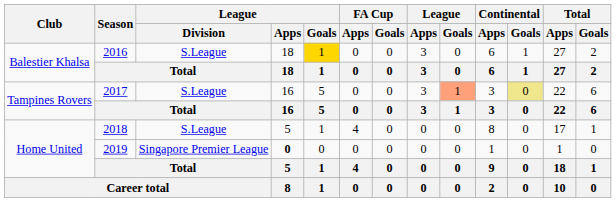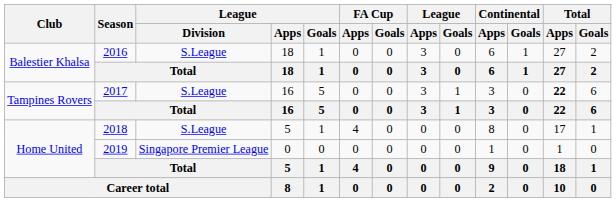 <table class="wikitable" style="text-align: center">
 <tr>
 <th rowspan="2">Club</th>
 <th rowspan="2">Season</th>
 <th colspan="3">League</th>
 <th colspan="2">FA Cup</th>
 <th colspan="2">League</th>
 <th colspan="2">Continental</th>
 <th colspan="2">Total</th>
 </tr>
 <tr>
 <th>Division</th>
 <th>Apps</th>
 <th>Goals</th>
 <th>Apps</th>
 <th>Goals</th>
 <th>Apps</th>
 <th>Goals</th>
 <th>Apps</th>
 <th>Goals</th>
 <th>Apps</th>
 <th>Goals</th>
 </tr>
 <tr>
 <td rowspan="2"><a href='#'>Balestier Khalsa</a></td>
 <td><a href='#'>2016</a></td>
 <td><a href='#'>S.League</a></td>
 <td>18</td>
-<td style="background: gold;">1</td>
+<td>1</td>
 <td>0</td>
 <td>0</td>
 <td>3</td>
 <td>0</td>
 <td>6</td>
 <td>1</td>
 <td>27</td>
 <td>2</td>
 </tr>
 <tr>
 <th colspan=2>Total</th>
 <th>18</th>
 <th>1</th>
 <th>0</th>
 <th>0</th>
 <th>3</th>
 <th>0</th>
 <th>6</th>
 <th>1</th>
 <th>27</th>
 <th>2</th>
 </tr>
 <tr>
 <td rowspan="2"><a href='#'>Tampines Rovers</a></td>
 <td><a href='#'>2017</a></td>
 <td><a href='#'>S.League</a></td>
 <td>16</td>
 <td>5</td>
 <td>0</td>
 <td>0</td>
 <td>3</td>
-<td style="background: lightsalmon;">1</td>
+<td>1</td>
 <td>3</td>
-<td style="background: khaki;">0</td>
-<td>22</td>
+<td>0</td>
+<td><strong>22</strong></td>
 <td>6</td>
 </tr>
 <tr>
 <th colspan=2>Total</th>
 <th>16</th>
 <th>5</th>
 <th>0</th>
 <th>0</th>
 <th>3</th>
 <th>1</th>
 <th>3</th>
 <th>0</th>
 <th>22</th>
 <th>6</th>
 </tr>
 <tr>
 <td rowspan="3"><a href='#'>Home United</a></td>
 <td><a href='#'>2018</a></td>
 <td><a href='#'>S.League</a></td>
 <td>5</td>
 <td>1</td>
 <td>4</td>
 <td>0</td>
 <td>0</td>
 <td>0</td>
 <td>8</td>
 <td>0</td>
 <td>17</td>
 <td>1</td>
 </tr>
 <tr>
 <td><a href='#'>2019</a></td>
 <td><a href='#'>Singapore Premier League</a></td>
-<td><strong>0</strong></td>
+<td>0</td>
 <td>0</td>
 <td>0</td>
 <td>0</td>
 <td>0</td>
 <td>0</td>
 <td>1</td>
 <td>0</td>
 <td>1</td>
 <td>0</td>
 </tr>
 <tr>
 <th colspan=2>Total</th>
 <th>5</th>
 <th>1</th>
 <th>4</th>
 <th>0</th>
 <th>0</th>
 <th>0</th>
 <th>9</th>
 <th>0</th>
 <th>18</th>
 <th>1</th>
 </tr>
 <tr>
 <th colspan=3>Career total</th>
 <th>8</th>
 <th>1</th>
 <th>0</th>
 <th>0</th>
 <th>0</th>
 <th>0</th>
 <th>2</th>
 <th>0</th>
 <th>10</th>
 <th>0</th>
 </tr>
 </table>
